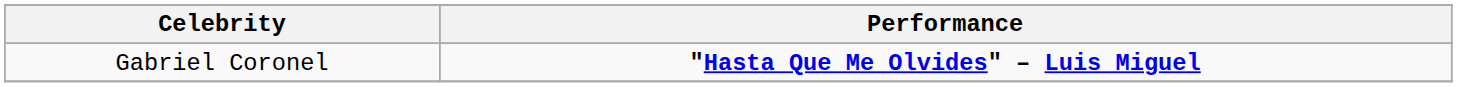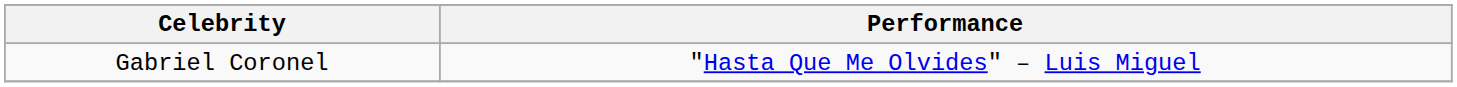 <table class="wikitable" style="text-align:center; width:90%;">
 <tr>
 </tr>
 <tr>
 <th>Celebrity</th>
 <th>Performance</th>
 </tr>
 <tr>
 <td>Gabriel Coronel</td>
-<td><strong>"<a href='#'>Hasta Que Me Olvides</a>" – <a href='#'>Luis Miguel</a></strong></td>
+<td>"<a href='#'>Hasta Que Me Olvides</a>" – <a href='#'>Luis Miguel</a></td>
 </tr>
 <tr>
 </tr>
 </table>
